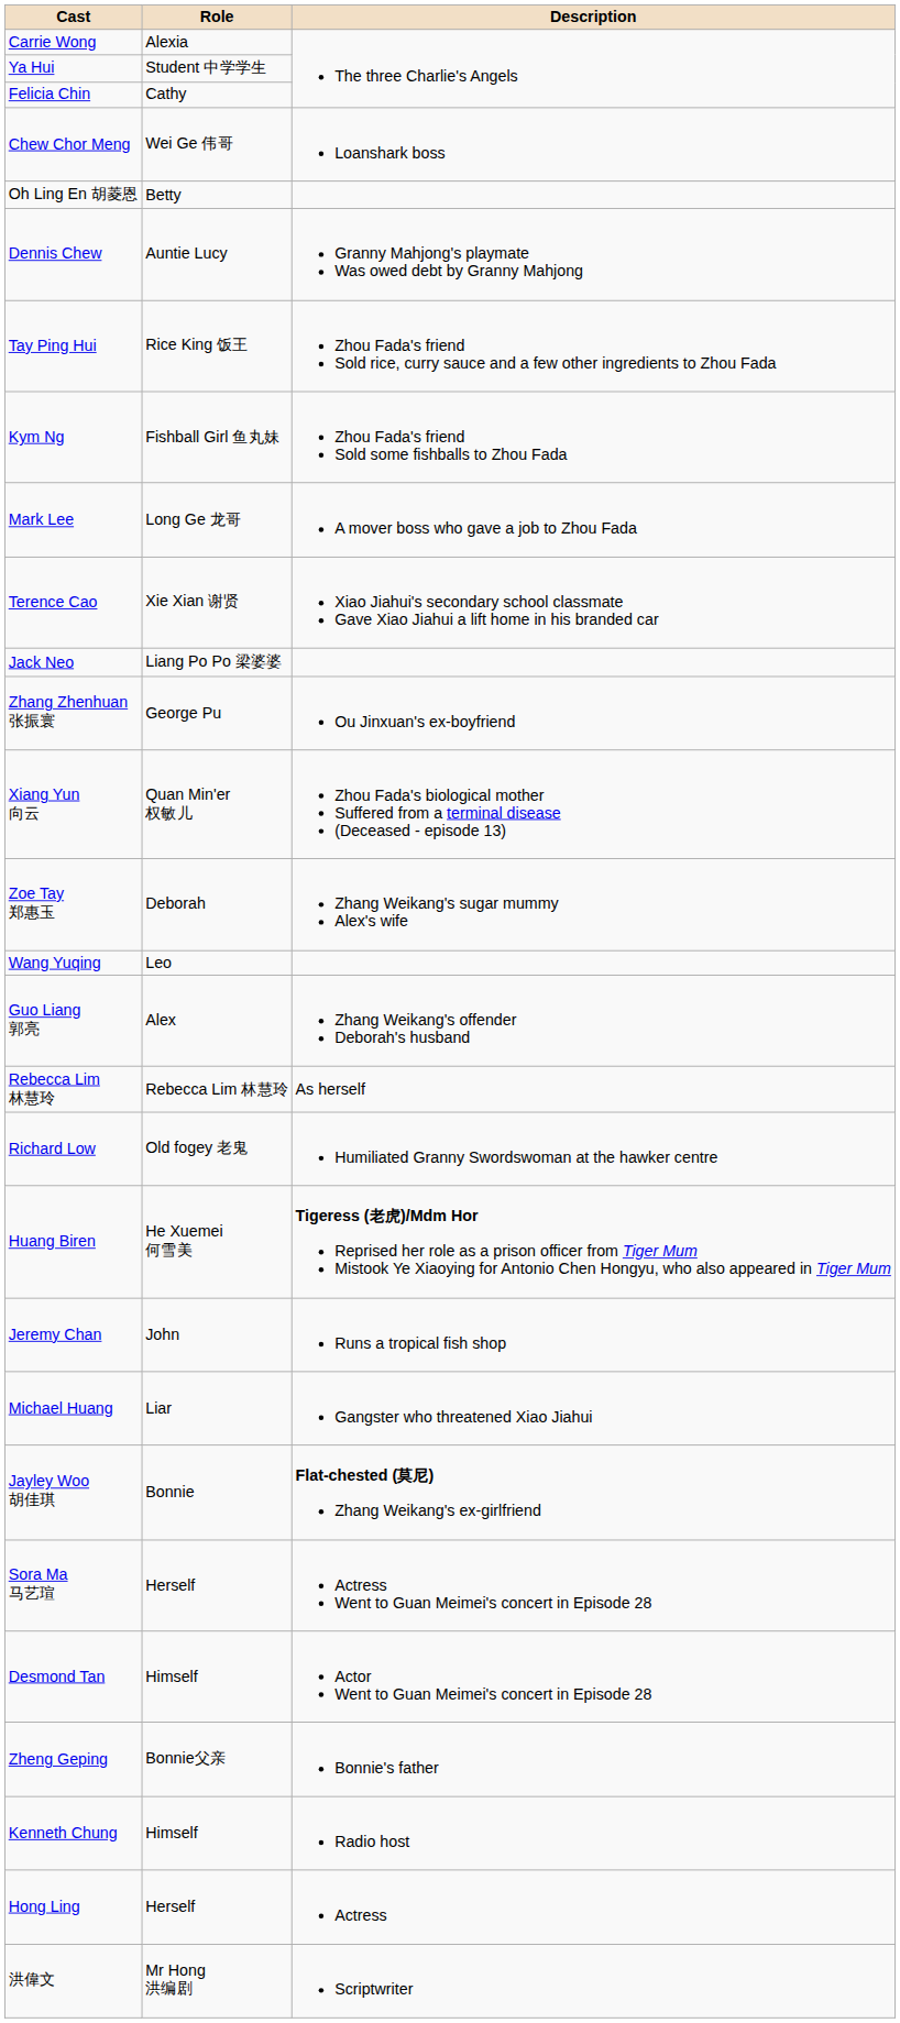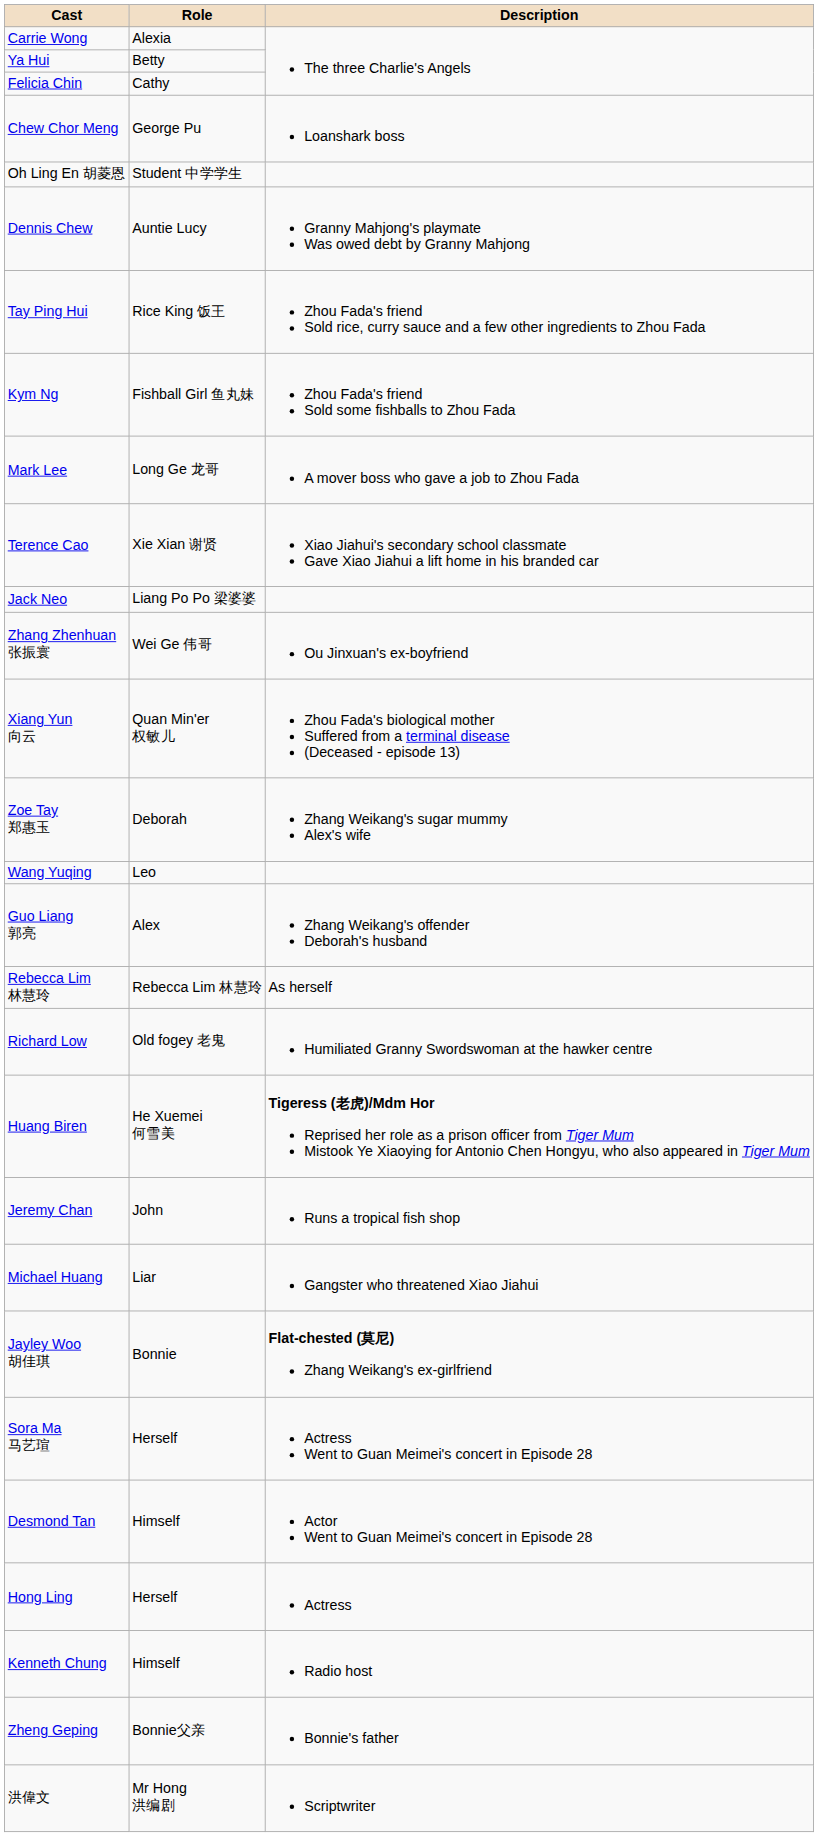 <table class="wikitable">
 <tr>
 <th style="background:#f2dfc6;">Cast</th>
 <th style="background:#f2dfc6;">Role</th>
 <th style="background:#f2dfc6;">Description</th>
 </tr>
 <tr>
 <td><a href='#'>Carrie Wong</a></td>
 <td>Alexia</td>
 <td rowspan=3><br><ul><li>The three Charlie's Angels</li></ul></td>
 </tr>
 <tr>
 <td><a href='#'>Ya Hui</a></td>
-<td>Student 中学学生</td>
+<td>Betty</td>
 </tr>
 <tr>
 <td><a href='#'>Felicia Chin</a></td>
 <td>Cathy</td>
 </tr>
 <tr>
 <td><a href='#'>Chew Chor Meng</a></td>
-<td>Wei Ge 伟哥</td>
+<td>George Pu</td>
 <td><br><ul><li>Loanshark boss</li></ul></td>
 </tr>
 <tr>
 <td>Oh Ling En 胡菱恩</td>
-<td>Betty</td>
+<td>Student 中学学生</td>
 <td></td>
 </tr>
 <tr>
 <td><a href='#'>Dennis Chew</a></td>
 <td>Auntie Lucy</td>
 <td><br><ul><li>Granny Mahjong's playmate</li><li>Was owed debt by Granny Mahjong</li></ul></td>
 </tr>
 <tr>
 <td><a href='#'>Tay Ping Hui</a></td>
 <td>Rice King 饭王</td>
 <td><br><ul><li>Zhou Fada's friend</li><li>Sold rice, curry sauce and a few other ingredients to Zhou Fada</li></ul></td>
 </tr>
 <tr>
 <td><a href='#'>Kym Ng</a></td>
 <td>Fishball Girl 鱼丸妹</td>
 <td><br><ul><li>Zhou Fada's friend</li><li>Sold some fishballs to Zhou Fada</li></ul></td>
 </tr>
 <tr>
 <td><a href='#'>Mark Lee</a></td>
 <td>Long Ge 龙哥</td>
 <td><br><ul><li>A mover boss who gave a job to Zhou Fada</li></ul></td>
 </tr>
 <tr>
 <td><a href='#'>Terence Cao</a></td>
 <td>Xie Xian 谢贤</td>
 <td><br><ul><li>Xiao Jiahui's secondary school classmate</li><li>Gave Xiao Jiahui a lift home in his branded car</li></ul></td>
 </tr>
 <tr>
 <td><a href='#'>Jack Neo</a></td>
 <td>Liang Po Po 梁婆婆</td>
 <td></td>
 </tr>
 <tr>
 <td><a href='#'>Zhang Zhenhuan</a> <br> 张振寰</td>
-<td>George Pu</td>
+<td>Wei Ge 伟哥</td>
 <td><br><ul><li>Ou Jinxuan's ex-boyfriend</li></ul></td>
 </tr>
 <tr>
 <td><a href='#'>Xiang Yun</a> <br> 向云</td>
 <td>Quan Min'er <br> 权敏儿</td>
 <td><br><ul><li>Zhou Fada's biological mother</li><li>Suffered from a <a href='#'>terminal disease</a></li><li>(Deceased - episode 13)</li></ul></td>
 </tr>
 <tr>
 <td><a href='#'>Zoe Tay</a> <br> 郑惠玉</td>
 <td>Deborah</td>
 <td><br><ul><li>Zhang Weikang's sugar mummy</li><li>Alex's wife</li></ul></td>
 </tr>
 <tr>
 <td><a href='#'>Wang Yuqing</a></td>
 <td>Leo</td>
 <td></td>
 </tr>
 <tr>
 <td><a href='#'>Guo Liang</a> <br> 郭亮</td>
 <td>Alex</td>
 <td><br><ul><li>Zhang Weikang's offender</li><li>Deborah's husband</li></ul></td>
 </tr>
 <tr>
 <td><a href='#'>Rebecca Lim</a> <br> 林慧玲</td>
 <td>Rebecca Lim 林慧玲</td>
 <td>As herself</td>
 </tr>
 <tr>
 <td><a href='#'>Richard Low</a></td>
 <td>Old fogey 老鬼</td>
 <td><br><ul><li>Humiliated Granny Swordswoman at the hawker centre</li></ul></td>
 </tr>
 <tr>
 <td><a href='#'>Huang Biren</a></td>
 <td>He Xuemei <br> 何雪美</td>
 <td><br><strong>Tigeress (老虎)/Mdm Hor </strong><ul><li>Reprised her role as a prison officer from <em><a href='#'>Tiger Mum</a></em></li><li>Mistook Ye Xiaoying for Antonio Chen Hongyu, who also appeared in <em><a href='#'>Tiger Mum</a></em></li></ul></td>
 </tr>
 <tr>
 <td><a href='#'>Jeremy Chan</a></td>
 <td>John</td>
 <td><br><ul><li>Runs a tropical fish shop</li></ul></td>
 </tr>
 <tr>
 <td><a href='#'>Michael Huang</a></td>
 <td>Liar</td>
 <td><br><ul><li>Gangster who threatened Xiao Jiahui</li></ul></td>
 </tr>
 <tr>
 <td><a href='#'>Jayley Woo</a> <br> 胡佳琪</td>
 <td>Bonnie</td>
 <td><br><strong>Flat-chested (莫尼)</strong><ul><li>Zhang Weikang's ex-girlfriend</li></ul></td>
 </tr>
 <tr>
 <td><a href='#'>Sora Ma</a> <br> 马艺瑄</td>
 <td>Herself</td>
 <td><br><ul><li>Actress</li><li>Went to Guan Meimei's concert in Episode 28</li></ul></td>
 </tr>
 <tr>
 <td><a href='#'>Desmond Tan</a></td>
 <td>Himself</td>
 <td><br><ul><li>Actor</li><li>Went to Guan Meimei's concert in Episode 28</li></ul></td>
 </tr>
 <tr>
-<td><a href='#'>Zheng Geping</a></td>
-<td>Bonnie父亲</td>
-<td><br><ul><li>Bonnie's father</li></ul></td>
+<td><a href='#'>Hong Ling</a></td>
+<td>Herself</td>
+<td><br><ul><li>Actress</li></ul></td>
 </tr>
 <tr>
 <td><a href='#'>Kenneth Chung</a></td>
 <td>Himself</td>
 <td><br><ul><li>Radio host</li></ul></td>
 </tr>
 <tr>
-<td><a href='#'>Hong Ling</a></td>
-<td>Herself</td>
-<td><br><ul><li>Actress</li></ul></td>
+<td><a href='#'>Zheng Geping</a></td>
+<td>Bonnie父亲</td>
+<td><br><ul><li>Bonnie's father</li></ul></td>
 </tr>
 <tr>
 <td>洪偉文</td>
 <td>Mr Hong<br>洪编剧</td>
 <td><br><ul><li>Scriptwriter</li></ul></td>
 </tr>
 </table>
